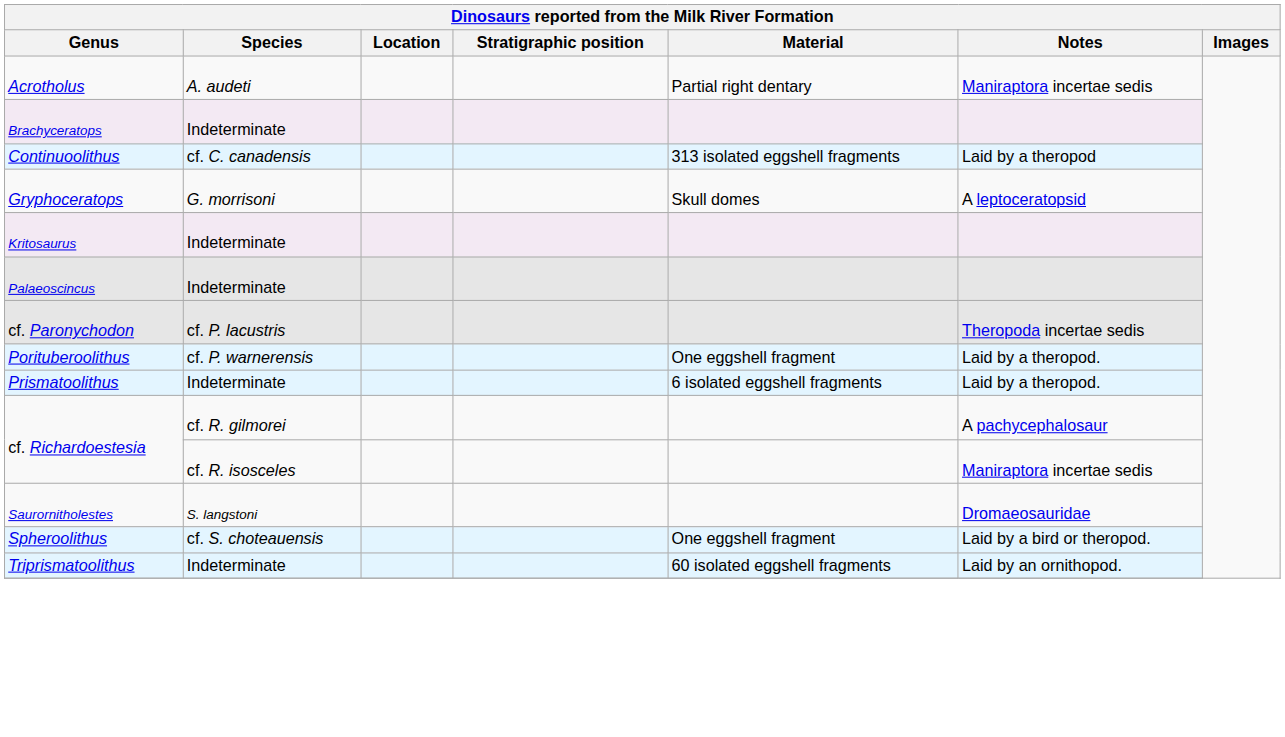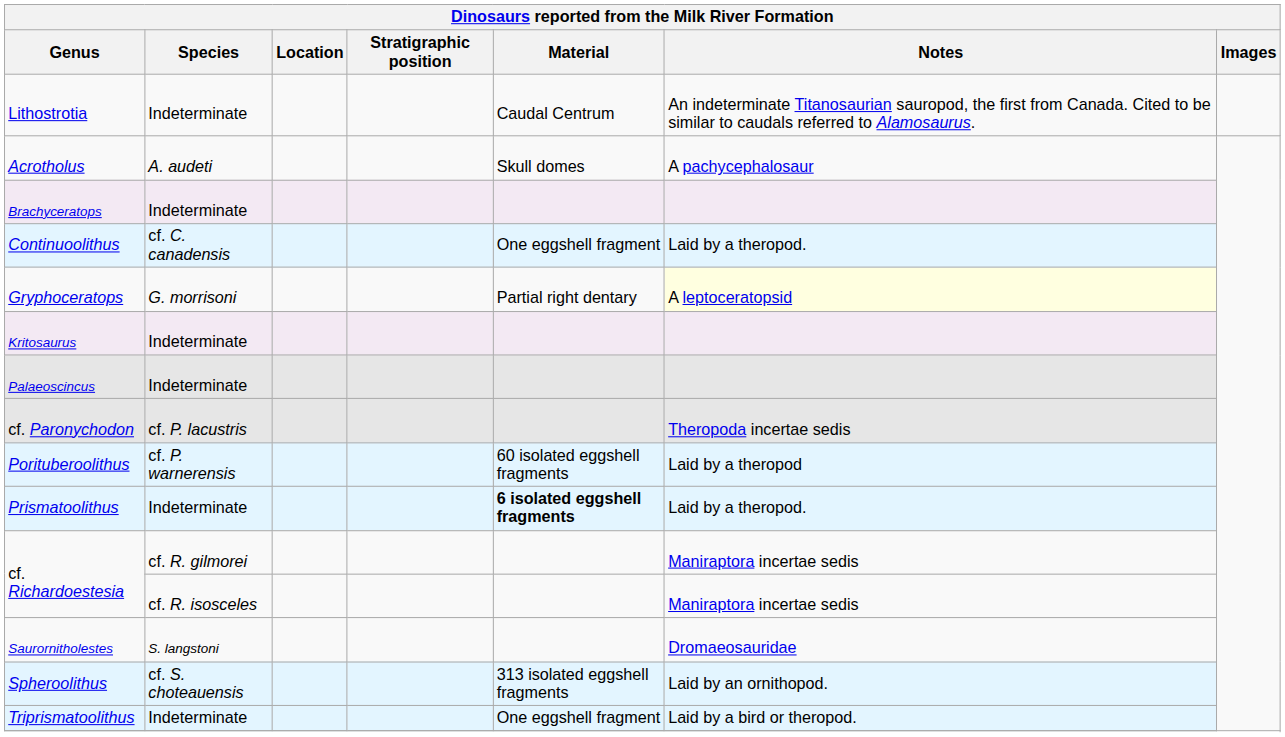 <table class="wikitable" align="center" width="100%">
 <tr>
 <th colspan="7" align="center"><strong><a href='#'>Dinosaurs</a> reported from the Milk River Formation</strong></th>
 </tr>
 <tr>
 <th>Genus</th>
 <th>Species</th>
 <th>Location</th>
 <th>Stratigraphic position</th>
 <th>Material</th>
 <th>Notes</th>
 <th>Images</th>
 </tr>
 <tr>
+<td><br><a href='#'>Lithostrotia</a></td>
+<td><br>Indeterminate</td>
+<td></td>
+<td></td>
+<td><br>Caudal Centrum</td>
+<td><br>An indeterminate <a href='#'>Titanosaurian</a> sauropod, the first from Canada. Cited to be similar to caudals referred to <em><a href='#'>Alamosaurus</a></em>.</td>
+<td></td>
+</tr>
+<tr>
 <td><br><em><a href='#'>Acrotholus</a></em></td>
 <td><br><em>A. audeti</em></td>
 <td></td>
 <td></td>
-<td><br>Partial right dentary</td>
-<td><br><a href='#'>Maniraptora</a> incertae sedis</td>
+<td><br>Skull domes</td>
+<td><br>A <a href='#'>pachycephalosaur</a></td>
 <td rowspan="104"><br> </td>
 </tr>
 <tr>
 <td style="background:#f3e9f3;"><br><small><em><a href='#'>Brachyceratops</a></em></small></td>
 <td style="background:#f3e9f3;"><br>Indeterminate</td>
 <td style="background:#f3e9f3;"></td>
 <td style="background:#f3e9f3;"></td>
 <td style="background:#f3e9f3;"></td>
 <td style="background:#f3e9f3;"></td>
 </tr>
 <tr>
 <td style="background:#E3F5FF;"><em><a href='#'>Continuoolithus</a></em></td>
 <td style="background:#E3F5FF;">cf. <em>C. canadensis</em></td>
 <td style="background:#E3F5FF;"></td>
 <td style="background:#E3F5FF;"></td>
-<td style="background:#E3F5FF;">313 isolated eggshell fragments</td>
-<td style="background:#E3F5FF;">Laid by a theropod</td>
+<td style="background:#E3F5FF;">One eggshell fragment</td>
+<td style="background:#E3F5FF;">Laid by a theropod.</td>
 </tr>
 <tr>
 <td><br><em><a href='#'>Gryphoceratops</a></em></td>
 <td><br><em>G. morrisoni</em></td>
 <td></td>
 <td></td>
-<td><br>Skull domes</td>
-<td><br>A <a href='#'>leptoceratopsid</a></td>
+<td><br>Partial right dentary</td>
+<td style="background: lightyellow;"><br>A <a href='#'>leptoceratopsid</a></td>
 </tr>
 <tr>
 <td style="background:#f3e9f3;"><br><small><em><a href='#'>Kritosaurus</a></em></small></td>
 <td style="background:#f3e9f3;"><br>Indeterminate</td>
 <td style="background:#f3e9f3;"></td>
 <td style="background:#f3e9f3;"></td>
 <td style="background:#f3e9f3;"></td>
 <td style="background:#f3e9f3;"></td>
 </tr>
 <tr>
 <td style="background:#E6E6E6;"><br><small><em><a href='#'>Palaeoscincus</a></em></small></td>
 <td style="background:#E6E6E6;"><br>Indeterminate</td>
 <td style="background:#E6E6E6;"></td>
 <td style="background:#E6E6E6;"></td>
 <td style="background:#E6E6E6;"></td>
 <td style="background:#E6E6E6;"></td>
 </tr>
 <tr>
 <td style="background:#E6E6E6;"><br>cf. <em><a href='#'>Paronychodon</a></em></td>
 <td style="background:#E6E6E6;"><br>cf. <em>P. lacustris</em></td>
 <td style="background:#E6E6E6;"></td>
 <td style="background:#E6E6E6;"></td>
 <td style="background:#E6E6E6;"></td>
 <td style="background:#E6E6E6;"><br><a href='#'>Theropoda</a> incertae sedis</td>
 </tr>
 <tr>
 <td style="background:#E3F5FF;"><em><a href='#'>Porituberoolithus</a></em></td>
 <td style="background:#E3F5FF;">cf. <em>P. warnerensis</em></td>
 <td style="background:#E3F5FF;"></td>
 <td style="background:#E3F5FF;"></td>
-<td style="background:#E3F5FF;">One eggshell fragment</td>
-<td style="background:#E3F5FF;">Laid by a theropod.</td>
+<td style="background:#E3F5FF;">60 isolated eggshell fragments</td>
+<td style="background:#E3F5FF;">Laid by a theropod</td>
 </tr>
 <tr>
 <td style="background:#E3F5FF;"><em><a href='#'>Prismatoolithus</a></em></td>
 <td style="background:#E3F5FF;">Indeterminate</td>
 <td style="background:#E3F5FF;"></td>
 <td style="background:#E3F5FF;"></td>
-<td style="background:#E3F5FF;">6 isolated eggshell fragments</td>
+<td style="background:#E3F5FF;"><strong>6 isolated eggshell fragments</strong></td>
 <td style="background:#E3F5FF;">Laid by a theropod.</td>
 </tr>
 <tr>
 <td rowspan="2"><br>cf. <em><a href='#'>Richardoestesia</a></em></td>
 <td><br>cf. <em>R. gilmorei</em></td>
 <td></td>
 <td></td>
 <td></td>
-<td><br>A <a href='#'>pachycephalosaur</a></td>
+<td><br><a href='#'>Maniraptora</a> incertae sedis</td>
 </tr>
 <tr>
 <td><br>cf. <em>R. isosceles</em></td>
 <td></td>
 <td></td>
 <td></td>
 <td><br><a href='#'>Maniraptora</a> incertae sedis</td>
 </tr>
 <tr>
 <td><br><small><em><a href='#'>Saurornitholestes</a></em></small></td>
 <td><br><small><em>S. langstoni</em></small></td>
 <td></td>
 <td></td>
 <td></td>
 <td><br><a href='#'>Dromaeosauridae</a></td>
 </tr>
 <tr>
 <td style="background:#E3F5FF;"><em><a href='#'>Spheroolithus</a></em></td>
 <td style="background:#E3F5FF;">cf. <em>S. choteauensis</em></td>
 <td style="background:#E3F5FF;"></td>
 <td style="background:#E3F5FF;"></td>
-<td style="background:#E3F5FF;">One eggshell fragment</td>
-<td style="background:#E3F5FF;">Laid by a bird or theropod.</td>
+<td style="background:#E3F5FF;">313 isolated eggshell fragments</td>
+<td style="background:#E3F5FF;">Laid by an ornithopod.</td>
 </tr>
 <tr>
 <td style="background:#E3F5FF;"><em><a href='#'>Triprismatoolithus</a></em></td>
 <td style="background:#E3F5FF;">Indeterminate</td>
 <td style="background:#E3F5FF;"></td>
 <td style="background:#E3F5FF;"></td>
-<td style="background:#E3F5FF;">60 isolated eggshell fragments</td>
-<td style="background:#E3F5FF;">Laid by an ornithopod.</td>
+<td style="background:#E3F5FF;">One eggshell fragment</td>
+<td style="background:#E3F5FF;">Laid by a bird or theropod.</td>
 </tr>
 <tr>
 </tr>
 </table>
